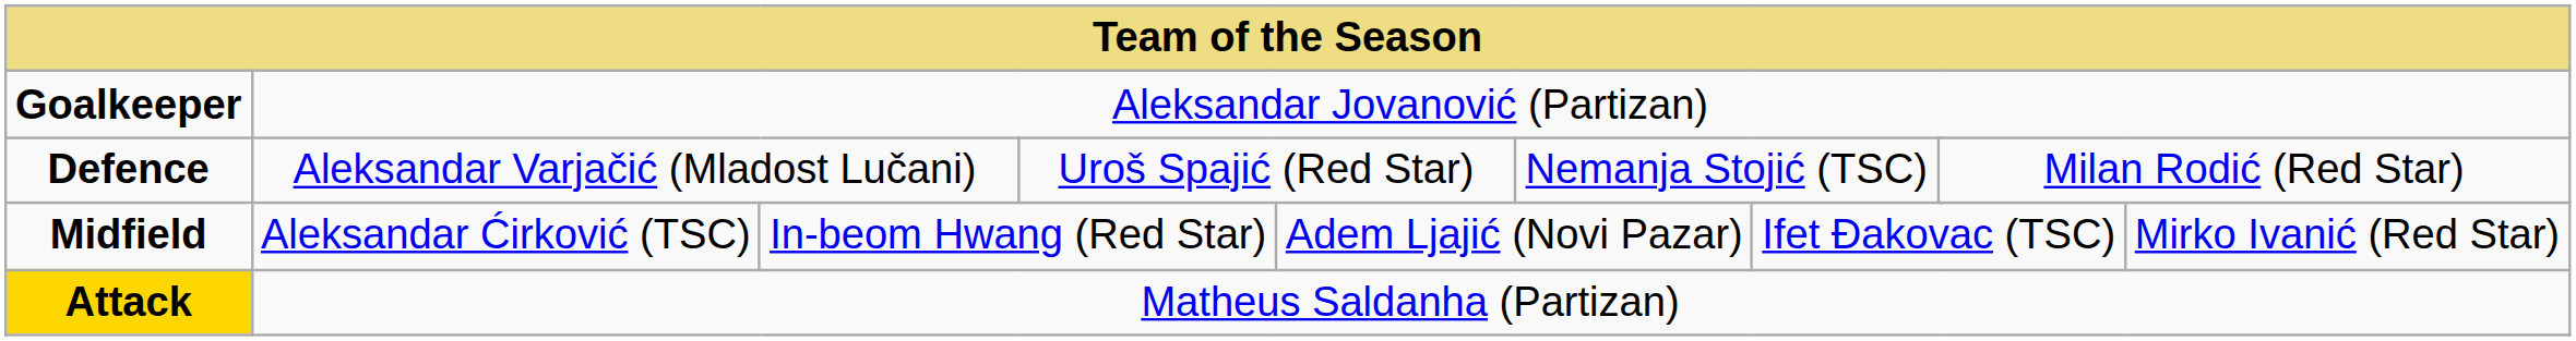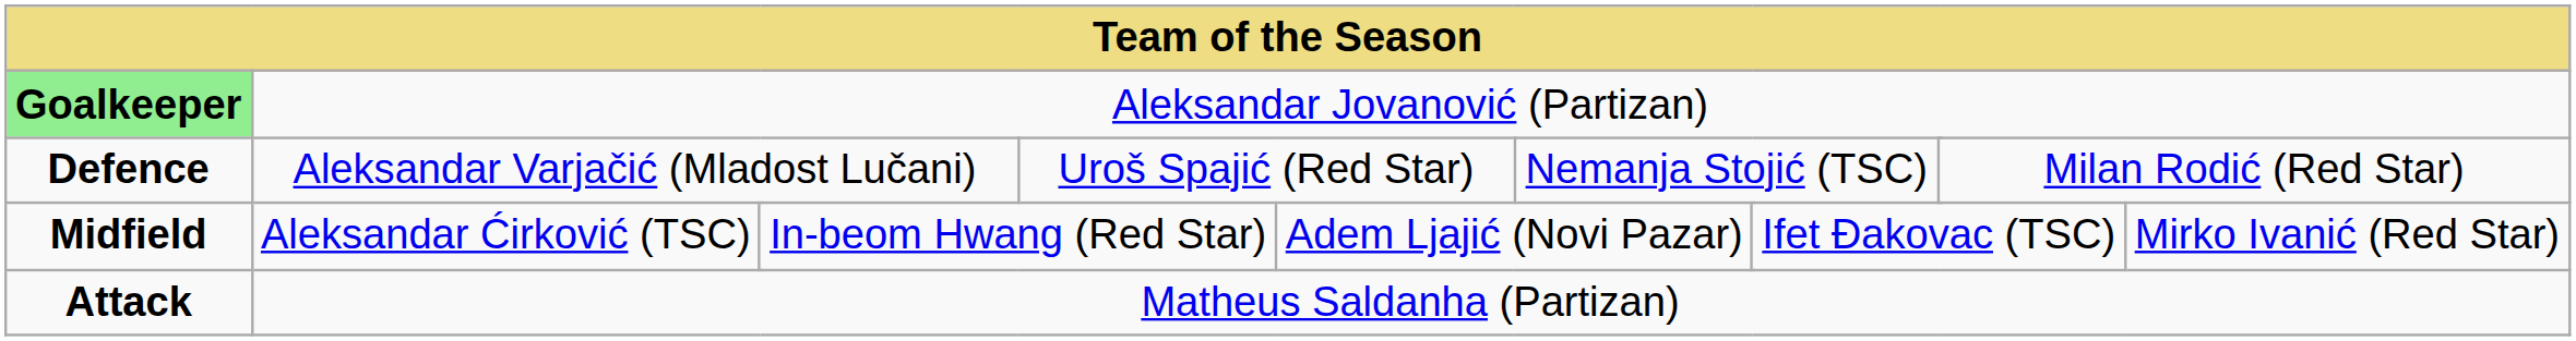 <table class="wikitable" style="text-align:center">
 <tr>
 <th colspan="21" style="background-color: #eedd82">Team of the Season</th>
 </tr>
 <tr>
-<td><strong>Goalkeeper</strong></td>
+<td style="background: lightgreen;"><strong>Goalkeeper</strong></td>
 <td colspan="20"> <a href='#'>Aleksandar Jovanović</a> (Partizan)</td>
 </tr>
 <tr>
 <td><strong>Defence</strong></td>
 <td colspan="5"> <a href='#'>Aleksandar Varjačić</a> (Mladost Lučani)</td>
 <td colspan="5"> <a href='#'>Uroš Spajić</a> (Red Star)</td>
 <td colspan="5"> <a href='#'>Nemanja Stojić</a> (TSC)</td>
 <td colspan="5"> <a href='#'>Milan Rodić</a> (Red Star)</td>
 </tr>
 <tr>
 <td><strong>Midfield</strong></td>
 <td colspan="4"> <a href='#'>Aleksandar Ćirković</a> (TSC)</td>
 <td colspan="4"> <a href='#'>In-beom Hwang</a> (Red Star)</td>
 <td colspan="4"> <a href='#'>Adem Ljajić</a> (Novi Pazar)</td>
 <td colspan="4"> <a href='#'>Ifet Đakovac</a> (TSC)</td>
 <td colspan="4"> <a href='#'>Mirko Ivanić</a> (Red Star)</td>
 </tr>
 <tr>
-<td style="background: gold;"><strong>Attack</strong></td>
+<td><strong>Attack</strong></td>
 <td colspan="20"> <a href='#'>Matheus Saldanha</a> (Partizan)</td>
 </tr>
 </table>
